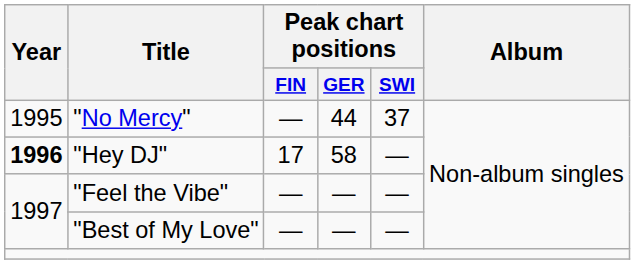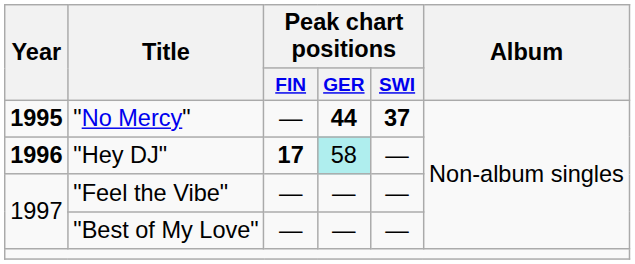 <table class="wikitable" style="text-align:center;">
 <tr>
 <th scope="col" rowspan="2">Year</th>
 <th scope="col" rowspan="2">Title</th>
 <th scope="col" colspan="3">Peak chart positions</th>
 <th scope="col" rowspan="2">Album</th>
 </tr>
 <tr style="font-size:small;">
 <th scope="col" style="width:30px;"><a href='#'>FIN</a><br></th>
 <th scope="col" style="width:30px;"><a href='#'>GER</a><br></th>
 <th scope="col" style="width:30px;"><a href='#'>SWI</a><br></th>
 </tr>
 <tr>
-<td>1995</td>
+<td><strong>1995</strong></td>
 <td style="text-align:left;">"<a href='#'>No Mercy</a>"</td>
 <td>—</td>
-<td>44</td>
-<td>37</td>
+<td><strong>44</strong></td>
+<td><strong>37</strong></td>
 <td rowspan="4">Non-album singles</td>
 </tr>
 <tr>
 <td><strong>1996</strong></td>
 <td style="text-align:left;">"Hey DJ"</td>
-<td>17</td>
-<td>58</td>
+<td><strong>17</strong></td>
+<td style="background: paleturquoise;">58</td>
 <td>—</td>
 </tr>
 <tr>
 <td rowspan="2">1997</td>
 <td style="text-align:left;">"Feel the Vibe"</td>
 <td>—</td>
 <td>—</td>
 <td>—</td>
 </tr>
 <tr>
 <td style="text-align:left;">"Best of My Love"</td>
 <td>—</td>
 <td>—</td>
 <td>—</td>
 </tr>
 <tr>
 <td colspan="6"></td>
 </tr>
 </table>
